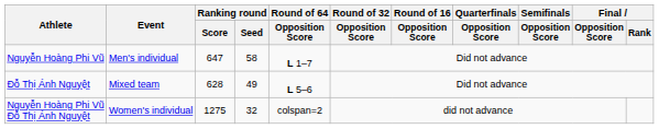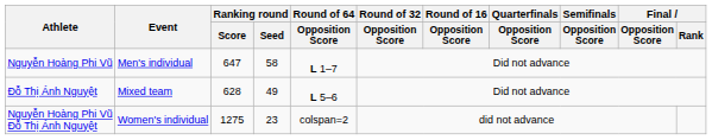 <table class="wikitable" style="font-size:90%">
 <tr>
 <th rowspan=2>Athlete</th>
 <th rowspan=2>Event</th>
 <th colspan="2">Ranking round</th>
 <th>Round of 64</th>
 <th>Round of 32</th>
 <th>Round of 16</th>
 <th>Quarterfinals</th>
 <th>Semifinals</th>
 <th colspan="2">Final / </th>
 </tr>
 <tr style="font-size:95%">
 <th>Score</th>
 <th>Seed</th>
 <th>Opposition<br>Score</th>
 <th>Opposition<br>Score</th>
 <th>Opposition<br>Score</th>
 <th>Opposition<br>Score</th>
 <th>Opposition<br>Score</th>
 <th>Opposition<br>Score</th>
 <th>Rank</th>
 </tr>
 <tr align=center>
 <td align=left><a href='#'>Nguyễn Hoàng Phi Vũ</a></td>
 <td align=left><a href='#'>Men's individual</a></td>
 <td>647</td>
 <td>58</td>
 <td><br><strong>L</strong> 1–7</td>
 <td colspan="6">Did not advance</td>
 </tr>
 <tr align=center>
 <td align=left><a href='#'>Đỗ Thị Ánh Nguyệt</a></td>
 <td align=left><a href='#'>Mixed team</a></td>
 <td>628</td>
 <td>49</td>
 <td><br><strong>L</strong> 5–6</td>
 <td colspan=6>Did not advance</td>
 </tr>
 <tr align=center>
 <td align=left><a href='#'>Nguyễn Hoàng Phi Vũ</a><br><a href='#'>Đỗ Thị Ánh Nguyệt</a></td>
 <td align=left><a href='#'>Women's individual</a></td>
 <td>1275</td>
-<td>32</td>
+<td>23</td>
 <td>colspan=2 </td>
 <td colspan=5>did not advance</td>
 </tr>
 </table>
